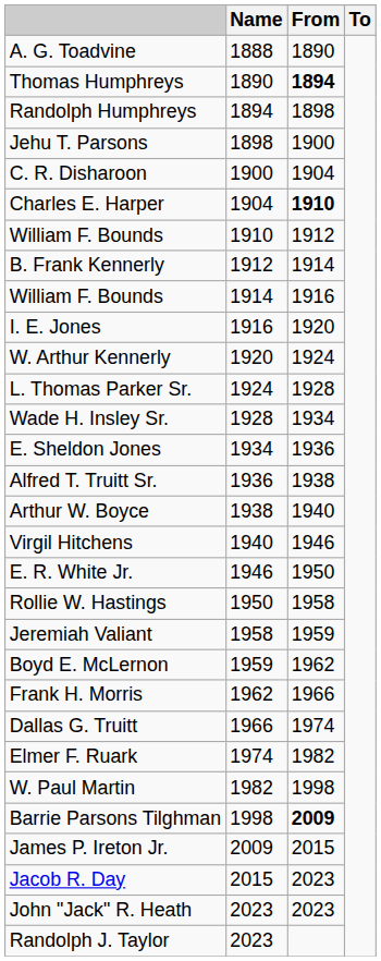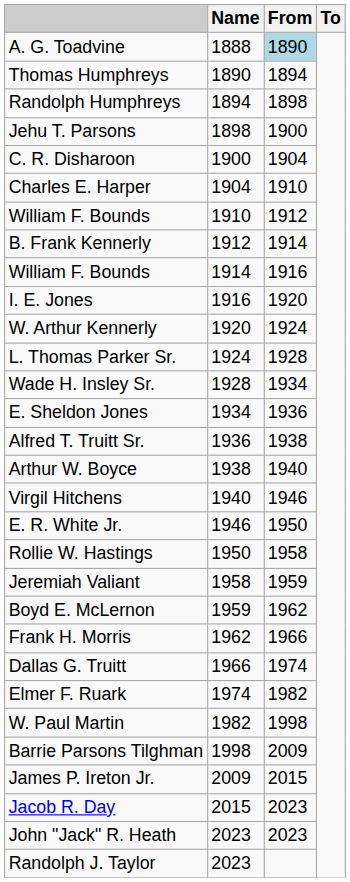 <table class="wikitable floatright collapsible collapsed">
 <tr bgcolor="#cccccc">
 <td></td>
 <th><strong>Name</strong></th>
 <th><strong>From</strong></th>
 <th><strong>To</strong></th>
 </tr>
 <tr>
 <td>A. G. Toadvine</td>
 <td>1888</td>
-<td>1890</td>
+<td style="background: lightblue;">1890</td>
 </tr>
 <tr>
 <td>Thomas Humphreys</td>
 <td>1890</td>
-<td><strong>1894</strong></td>
+<td>1894</td>
 </tr>
 <tr>
 <td>Randolph Humphreys</td>
 <td>1894</td>
 <td>1898</td>
 </tr>
 <tr>
 <td>Jehu T. Parsons</td>
 <td>1898</td>
 <td>1900</td>
 </tr>
 <tr>
 <td>C. R. Disharoon</td>
 <td>1900</td>
 <td>1904</td>
 </tr>
 <tr>
 <td>Charles E. Harper</td>
 <td>1904</td>
-<td><strong>1910</strong></td>
+<td>1910</td>
 </tr>
 <tr>
 <td>William F. Bounds</td>
 <td>1910</td>
 <td>1912</td>
 </tr>
 <tr>
 <td>B. Frank Kennerly</td>
 <td>1912</td>
 <td>1914</td>
 </tr>
 <tr>
 <td>William F. Bounds</td>
 <td>1914</td>
 <td>1916</td>
 </tr>
 <tr>
 <td>I. E. Jones</td>
 <td>1916</td>
 <td>1920</td>
 </tr>
 <tr>
 <td>W. Arthur Kennerly</td>
 <td>1920</td>
 <td>1924</td>
 </tr>
 <tr>
 <td>L. Thomas Parker Sr.</td>
 <td>1924</td>
 <td>1928</td>
 </tr>
 <tr>
 <td>Wade H. Insley Sr.</td>
 <td>1928</td>
 <td>1934</td>
 </tr>
 <tr>
 <td>E. Sheldon Jones</td>
 <td>1934</td>
 <td>1936</td>
 </tr>
 <tr>
 <td>Alfred T. Truitt Sr.</td>
 <td>1936</td>
 <td>1938</td>
 </tr>
 <tr>
 <td>Arthur W. Boyce</td>
 <td>1938</td>
 <td>1940</td>
 </tr>
 <tr>
 <td>Virgil Hitchens</td>
 <td>1940</td>
 <td>1946</td>
 </tr>
 <tr>
 <td>E. R. White Jr.</td>
 <td>1946</td>
 <td>1950</td>
 </tr>
 <tr>
 <td>Rollie W. Hastings</td>
 <td>1950</td>
 <td>1958</td>
 </tr>
 <tr>
 <td>Jeremiah Valiant</td>
 <td>1958</td>
 <td>1959</td>
 </tr>
 <tr>
 <td>Boyd E. McLernon</td>
 <td>1959</td>
 <td>1962</td>
 </tr>
 <tr>
 <td>Frank H. Morris</td>
 <td>1962</td>
 <td>1966</td>
 </tr>
 <tr>
 <td>Dallas G. Truitt</td>
 <td>1966</td>
 <td>1974</td>
 </tr>
 <tr>
 <td>Elmer F. Ruark</td>
 <td>1974</td>
 <td>1982</td>
 </tr>
 <tr>
 <td>W. Paul Martin</td>
 <td>1982</td>
 <td>1998</td>
 </tr>
 <tr>
 <td>Barrie Parsons Tilghman</td>
 <td>1998</td>
-<td><strong>2009</strong></td>
+<td>2009</td>
 </tr>
 <tr>
 <td>James P. Ireton Jr.</td>
 <td>2009</td>
 <td>2015</td>
 </tr>
 <tr>
 <td><a href='#'>Jacob R. Day</a></td>
 <td>2015</td>
 <td>2023</td>
 </tr>
 <tr>
 <td>John "Jack" R. Heath</td>
 <td>2023</td>
 <td>2023</td>
 </tr>
 <tr>
 <td>Randolph J. Taylor</td>
 <td>2023</td>
 <td></td>
 </tr>
 <tr>
 </tr>
 </table>
